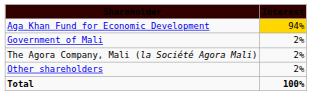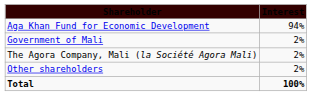 <table class="wikitable" style="margin:1em auto;">
 <tr>
 <th style="background: #330000;"><span>Shareholder</span></th>
 <th style="background: #330000;"><span>Interest</span></th>
 </tr>
 <tr>
 <td><a href='#'>Aga Khan Fund for Economic Development</a></td>
-<td align="right" style="background: gold;">94%</td>
+<td align="right">94%</td>
 </tr>
 <tr>
 <td><a href='#'>Government of Mali</a></td>
 <td align=right>2%</td>
 </tr>
 <tr>
 <td>The Agora Company, Mali (<em>la Société Agora Mali</em>)</td>
 <td align="right">2%</td>
 </tr>
 <tr>
 <td><a href='#'>Other shareholders</a></td>
 <td align="right">2%</td>
 </tr>
 <tr>
 <td><strong>Total</strong></td>
 <td align=right><strong>100%</strong></td>
 </tr>
 </table>
